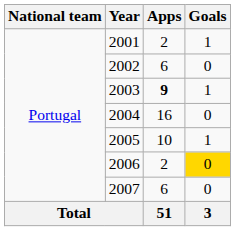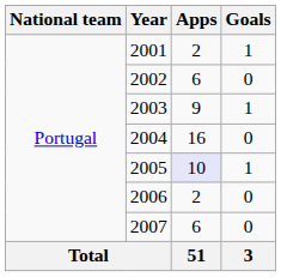 <table class="wikitable" style="text-align:center">
 <tr>
 <th>National team</th>
 <th>Year</th>
 <th>Apps</th>
 <th>Goals</th>
 </tr>
 <tr>
 <td rowspan="7"><a href='#'>Portugal</a></td>
 <td>2001</td>
 <td>2</td>
 <td>1</td>
 </tr>
 <tr>
 <td>2002</td>
 <td>6</td>
 <td>0</td>
 </tr>
 <tr>
 <td>2003</td>
-<td><strong>9</strong></td>
+<td>9</td>
 <td>1</td>
 </tr>
 <tr>
 <td>2004</td>
 <td>16</td>
 <td>0</td>
 </tr>
 <tr>
 <td>2005</td>
-<td>10</td>
+<td style="background: lavender;">10</td>
 <td>1</td>
 </tr>
 <tr>
 <td>2006</td>
 <td>2</td>
-<td style="background: gold;">0</td>
+<td>0</td>
 </tr>
 <tr>
 <td>2007</td>
 <td>6</td>
 <td>0</td>
 </tr>
 <tr>
 <th colspan="2">Total</th>
 <th>51</th>
 <th>3</th>
 </tr>
 </table>
